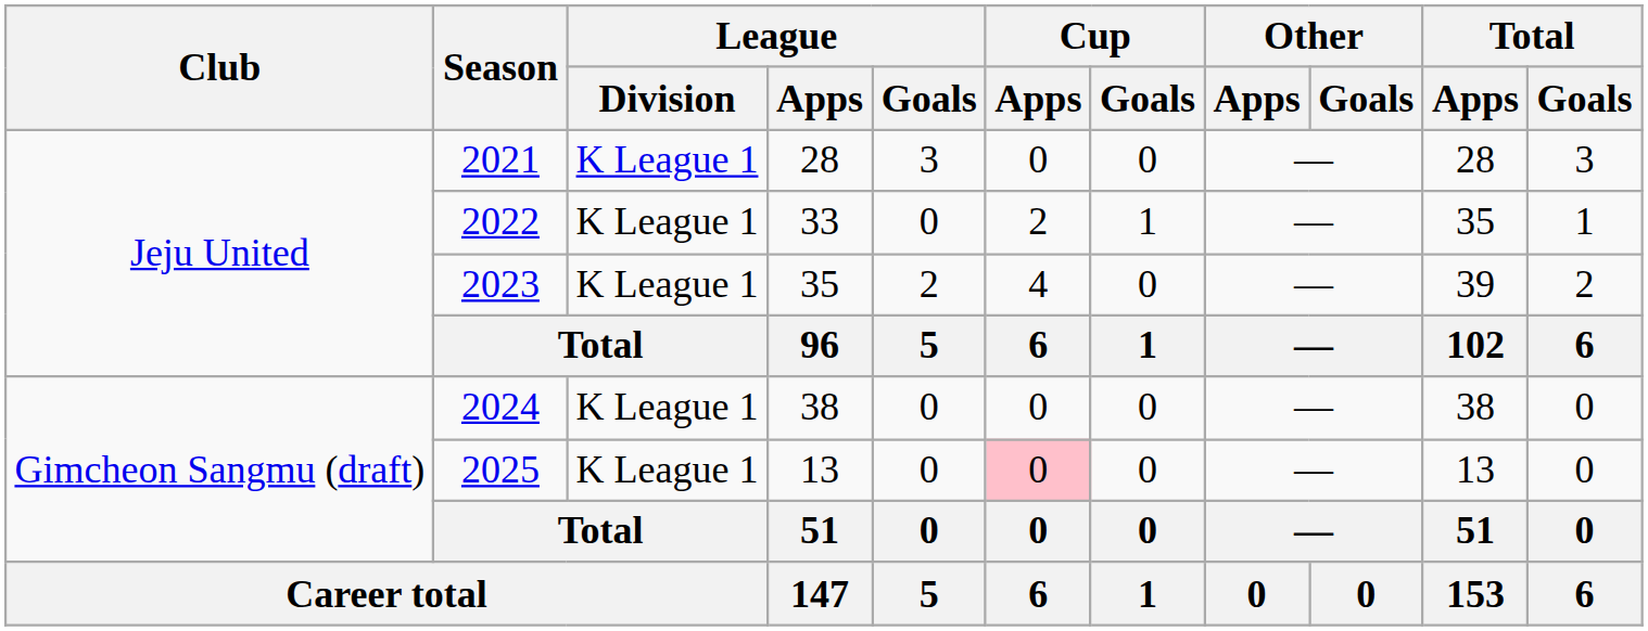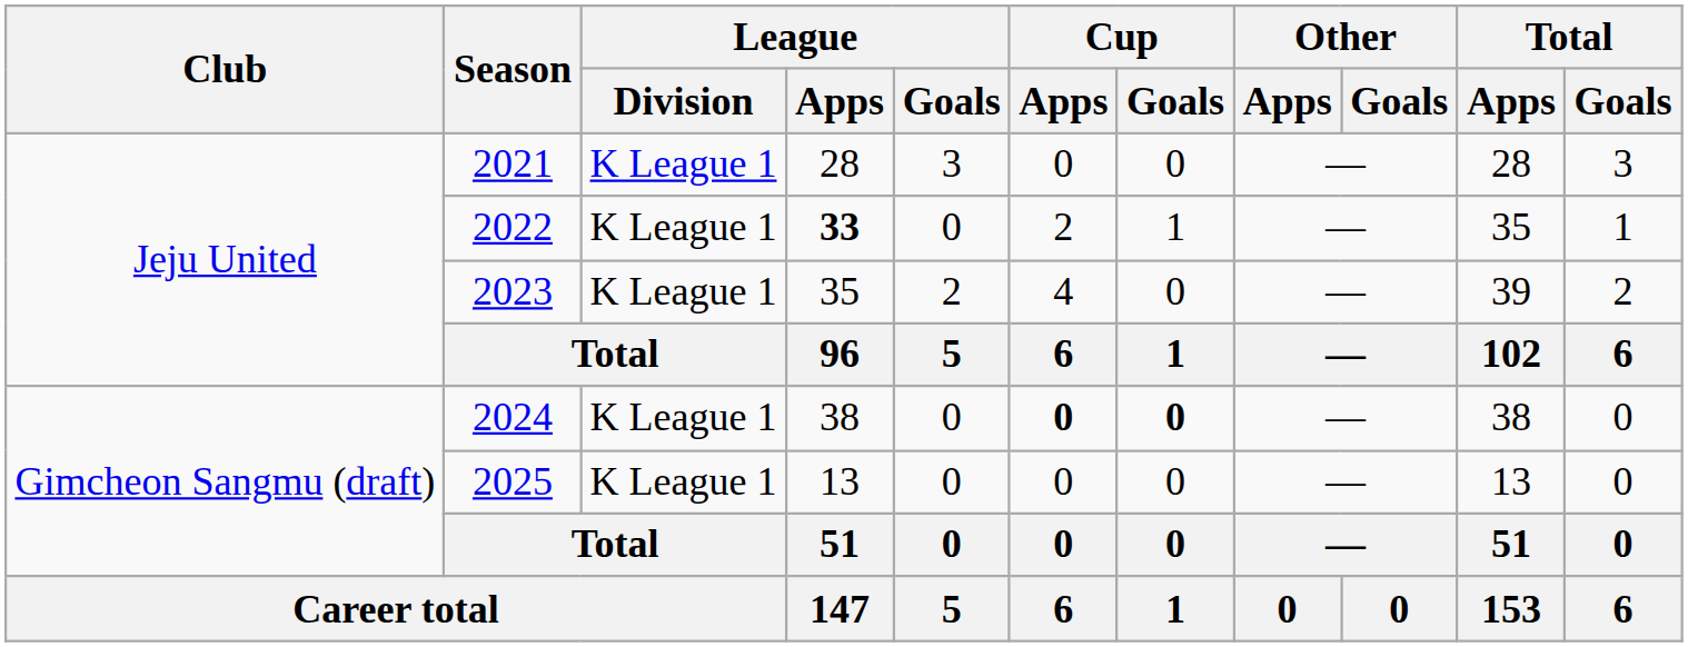 <table class="wikitable" style="text-align: center">
 <tr>
 <th rowspan="2">Club</th>
 <th rowspan="2">Season</th>
 <th colspan="3">League</th>
 <th colspan="2">Cup</th>
 <th colspan="2">Other</th>
 <th colspan="2">Total</th>
 </tr>
 <tr>
 <th>Division</th>
 <th>Apps</th>
 <th>Goals</th>
 <th>Apps</th>
 <th>Goals</th>
 <th>Apps</th>
 <th>Goals</th>
 <th>Apps</th>
 <th>Goals</th>
 </tr>
 <tr>
 <td rowspan="4"><a href='#'>Jeju United</a></td>
 <td><a href='#'>2021</a></td>
 <td><a href='#'>K League 1</a></td>
 <td>28</td>
 <td>3</td>
 <td>0</td>
 <td>0</td>
 <td colspan="2">—</td>
 <td>28</td>
 <td>3</td>
 </tr>
 <tr>
 <td><a href='#'>2022</a></td>
 <td>K League 1</td>
-<td>33</td>
+<td><strong>33</strong></td>
 <td>0</td>
 <td>2</td>
 <td>1</td>
 <td colspan="2">—</td>
 <td>35</td>
 <td>1</td>
 </tr>
 <tr>
 <td><a href='#'>2023</a></td>
 <td>K League 1</td>
 <td>35</td>
 <td>2</td>
 <td>4</td>
 <td>0</td>
 <td colspan="2">—</td>
 <td>39</td>
 <td>2</td>
 </tr>
 <tr>
 <th colspan="2">Total</th>
 <th>96</th>
 <th>5</th>
 <th>6</th>
 <th>1</th>
 <th colspan="2">—</th>
 <th>102</th>
 <th>6</th>
 </tr>
 <tr>
 <td rowspan="3"><a href='#'>Gimcheon Sangmu</a> (<a href='#'>draft</a>)</td>
 <td><a href='#'>2024</a></td>
 <td>K League 1</td>
 <td>38</td>
 <td>0</td>
-<td>0</td>
-<td>0</td>
+<td><strong>0</strong></td>
+<td><strong>0</strong></td>
 <td colspan="2">—</td>
 <td>38</td>
 <td>0</td>
 </tr>
 <tr>
 <td><a href='#'>2025</a></td>
 <td>K League 1</td>
 <td>13</td>
 <td>0</td>
-<td style="background: pink;">0</td>
+<td>0</td>
 <td>0</td>
 <td colspan="2">—</td>
 <td>13</td>
 <td>0</td>
 </tr>
 <tr>
 <th colspan="2">Total</th>
 <th>51</th>
 <th>0</th>
 <th>0</th>
 <th>0</th>
 <th colspan="2">—</th>
 <th>51</th>
 <th>0</th>
 </tr>
 <tr>
 <th colspan=3>Career total</th>
 <th>147</th>
 <th>5</th>
 <th>6</th>
 <th>1</th>
 <th>0</th>
 <th>0</th>
 <th>153</th>
 <th>6</th>
 </tr>
 </table>
